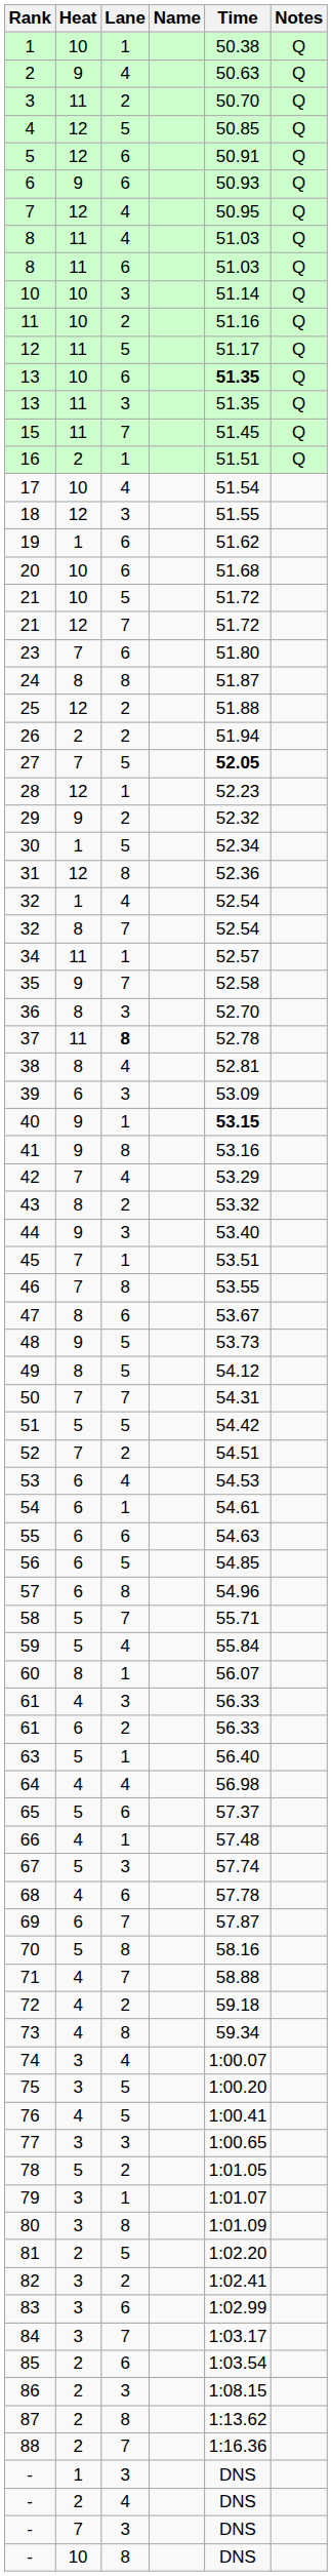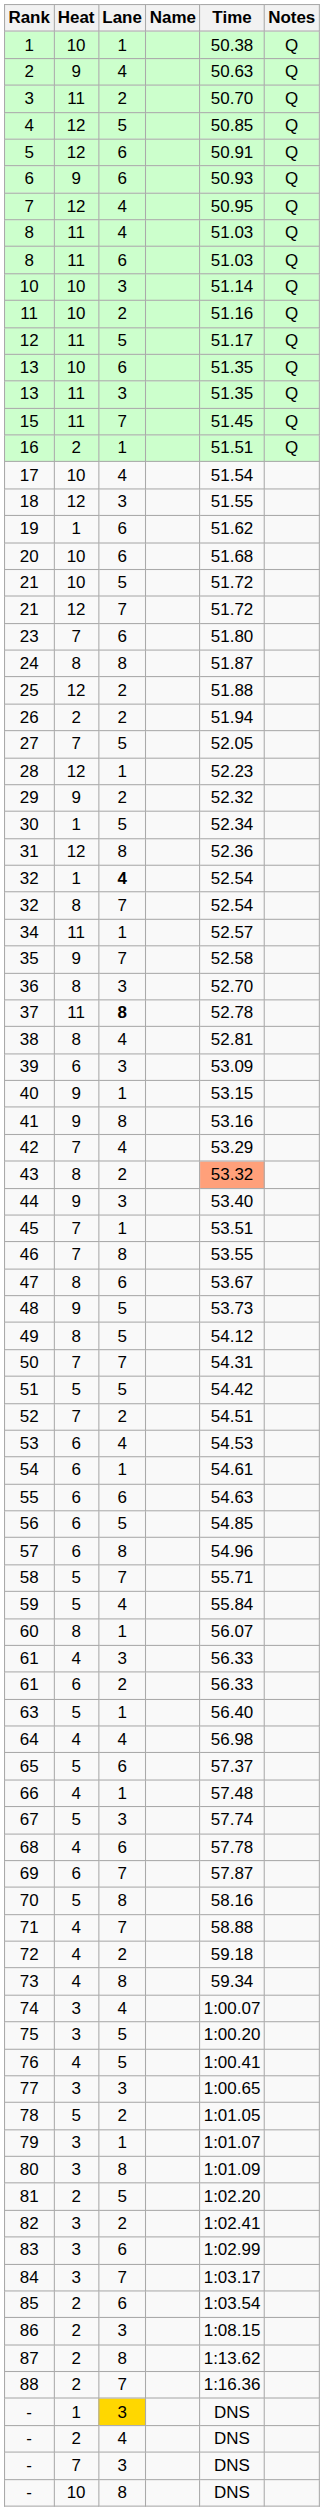 <table class="wikitable sortable" style="text-align:center">
 <tr>
 <th>Rank</th>
 <th>Heat</th>
 <th>Lane</th>
 <th>Name</th>
 <th>Time</th>
 <th>Notes</th>
 </tr>
 <tr bgcolor=ccffcc>
 <td>1</td>
 <td>10</td>
 <td>1</td>
 <td align=left></td>
 <td>50.38</td>
 <td>Q</td>
 </tr>
 <tr bgcolor=ccffcc>
 <td>2</td>
 <td>9</td>
 <td>4</td>
 <td align=left></td>
 <td>50.63</td>
 <td>Q</td>
 </tr>
 <tr bgcolor=ccffcc>
 <td>3</td>
 <td>11</td>
 <td>2</td>
 <td align=left></td>
 <td>50.70</td>
 <td>Q</td>
 </tr>
 <tr bgcolor=ccffcc>
 <td>4</td>
 <td>12</td>
 <td>5</td>
 <td align=left></td>
 <td>50.85</td>
 <td>Q</td>
 </tr>
 <tr bgcolor=ccffcc>
 <td>5</td>
 <td>12</td>
 <td>6</td>
 <td align=left></td>
 <td>50.91</td>
 <td>Q</td>
 </tr>
 <tr bgcolor=ccffcc>
 <td>6</td>
 <td>9</td>
 <td>6</td>
 <td align=left></td>
 <td>50.93</td>
 <td>Q</td>
 </tr>
 <tr bgcolor=ccffcc>
 <td>7</td>
 <td>12</td>
 <td>4</td>
 <td align=left></td>
 <td>50.95</td>
 <td>Q</td>
 </tr>
 <tr bgcolor=ccffcc>
 <td>8</td>
 <td>11</td>
 <td>4</td>
 <td align=left></td>
 <td>51.03</td>
 <td>Q</td>
 </tr>
 <tr bgcolor=ccffcc>
 <td>8</td>
 <td>11</td>
 <td>6</td>
 <td align=left></td>
 <td>51.03</td>
 <td>Q</td>
 </tr>
 <tr bgcolor=ccffcc>
 <td>10</td>
 <td>10</td>
 <td>3</td>
 <td align=left></td>
 <td>51.14</td>
 <td>Q</td>
 </tr>
 <tr bgcolor=ccffcc>
 <td>11</td>
 <td>10</td>
 <td>2</td>
 <td align=left></td>
 <td>51.16</td>
 <td>Q</td>
 </tr>
 <tr bgcolor=ccffcc>
 <td>12</td>
 <td>11</td>
 <td>5</td>
 <td align=left></td>
 <td>51.17</td>
 <td>Q</td>
 </tr>
 <tr bgcolor=ccffcc>
 <td>13</td>
 <td>10</td>
 <td>6</td>
 <td align=left></td>
-<td><strong>51.35</strong></td>
+<td>51.35</td>
 <td>Q</td>
 </tr>
 <tr bgcolor=ccffcc>
 <td>13</td>
 <td>11</td>
 <td>3</td>
 <td align=left></td>
 <td>51.35</td>
 <td>Q</td>
 </tr>
 <tr bgcolor=ccffcc>
 <td>15</td>
 <td>11</td>
 <td>7</td>
 <td align=left></td>
 <td>51.45</td>
 <td>Q</td>
 </tr>
 <tr bgcolor=ccffcc>
 <td>16</td>
 <td>2</td>
 <td>1</td>
 <td align=left></td>
 <td>51.51</td>
 <td>Q</td>
 </tr>
 <tr>
 <td>17</td>
 <td>10</td>
 <td>4</td>
 <td align=left></td>
 <td>51.54</td>
 <td></td>
 </tr>
 <tr>
 <td>18</td>
 <td>12</td>
 <td>3</td>
 <td align=left></td>
 <td>51.55</td>
 <td></td>
 </tr>
 <tr>
 <td>19</td>
 <td>1</td>
 <td>6</td>
 <td align=left></td>
 <td>51.62</td>
 <td></td>
 </tr>
 <tr>
 <td>20</td>
 <td>10</td>
 <td>6</td>
 <td align=left></td>
 <td>51.68</td>
 <td></td>
 </tr>
 <tr>
 <td>21</td>
 <td>10</td>
 <td>5</td>
 <td align=left></td>
 <td>51.72</td>
 <td></td>
 </tr>
 <tr>
 <td>21</td>
 <td>12</td>
 <td>7</td>
 <td align=left></td>
 <td>51.72</td>
 <td></td>
 </tr>
 <tr>
 <td>23</td>
 <td>7</td>
 <td>6</td>
 <td align=left></td>
 <td>51.80</td>
 <td></td>
 </tr>
 <tr>
 <td>24</td>
 <td>8</td>
 <td>8</td>
 <td align=left></td>
 <td>51.87</td>
 <td></td>
 </tr>
 <tr>
 <td>25</td>
 <td>12</td>
 <td>2</td>
 <td align=left></td>
 <td>51.88</td>
 <td></td>
 </tr>
 <tr>
 <td>26</td>
 <td>2</td>
 <td>2</td>
 <td align=left></td>
 <td>51.94</td>
 <td></td>
 </tr>
 <tr>
 <td>27</td>
 <td>7</td>
 <td>5</td>
 <td align=left></td>
-<td><strong>52.05</strong></td>
+<td>52.05</td>
 <td></td>
 </tr>
 <tr>
 <td>28</td>
 <td>12</td>
 <td>1</td>
 <td align=left></td>
 <td>52.23</td>
 <td></td>
 </tr>
 <tr>
 <td>29</td>
 <td>9</td>
 <td>2</td>
 <td align=left></td>
 <td>52.32</td>
 <td></td>
 </tr>
 <tr>
 <td>30</td>
 <td>1</td>
 <td>5</td>
 <td align=left></td>
 <td>52.34</td>
 <td></td>
 </tr>
 <tr>
 <td>31</td>
 <td>12</td>
 <td>8</td>
 <td align=left></td>
 <td>52.36</td>
 <td></td>
 </tr>
 <tr>
 <td>32</td>
 <td>1</td>
-<td>4</td>
+<td><strong>4</strong></td>
 <td align=left></td>
 <td>52.54</td>
 <td></td>
 </tr>
 <tr>
 <td>32</td>
 <td>8</td>
 <td>7</td>
 <td align=left></td>
 <td>52.54</td>
 <td></td>
 </tr>
 <tr>
 <td>34</td>
 <td>11</td>
 <td>1</td>
 <td align=left></td>
 <td>52.57</td>
 <td></td>
 </tr>
 <tr>
 <td>35</td>
 <td>9</td>
 <td>7</td>
 <td align=left></td>
 <td>52.58</td>
 <td></td>
 </tr>
 <tr>
 <td>36</td>
 <td>8</td>
 <td>3</td>
 <td align=left></td>
 <td>52.70</td>
 <td></td>
 </tr>
 <tr>
 <td>37</td>
 <td>11</td>
 <td><strong>8</strong></td>
 <td align=left></td>
 <td>52.78</td>
 <td></td>
 </tr>
 <tr>
 <td>38</td>
 <td>8</td>
 <td>4</td>
 <td align=left></td>
 <td>52.81</td>
 <td></td>
 </tr>
 <tr>
 <td>39</td>
 <td>6</td>
 <td>3</td>
 <td align=left></td>
 <td>53.09</td>
 <td></td>
 </tr>
 <tr>
 <td>40</td>
 <td>9</td>
 <td>1</td>
 <td align=left></td>
-<td><strong>53.15</strong></td>
+<td>53.15</td>
 <td></td>
 </tr>
 <tr>
 <td>41</td>
 <td>9</td>
 <td>8</td>
 <td align=left></td>
 <td>53.16</td>
 <td></td>
 </tr>
 <tr>
 <td>42</td>
 <td>7</td>
 <td>4</td>
 <td align=left></td>
 <td>53.29</td>
 <td></td>
 </tr>
 <tr>
 <td>43</td>
 <td>8</td>
 <td>2</td>
 <td align=left></td>
-<td>53.32</td>
+<td style="background: lightsalmon;">53.32</td>
 <td></td>
 </tr>
 <tr>
 <td>44</td>
 <td>9</td>
 <td>3</td>
 <td align=left></td>
 <td>53.40</td>
 <td></td>
 </tr>
 <tr>
 <td>45</td>
 <td>7</td>
 <td>1</td>
 <td align=left></td>
 <td>53.51</td>
 <td></td>
 </tr>
 <tr>
 <td>46</td>
 <td>7</td>
 <td>8</td>
 <td align=left></td>
 <td>53.55</td>
 <td></td>
 </tr>
 <tr>
 <td>47</td>
 <td>8</td>
 <td>6</td>
 <td align=left></td>
 <td>53.67</td>
 <td></td>
 </tr>
 <tr>
 <td>48</td>
 <td>9</td>
 <td>5</td>
 <td align=left></td>
 <td>53.73</td>
 <td></td>
 </tr>
 <tr>
 <td>49</td>
 <td>8</td>
 <td>5</td>
 <td align=left></td>
 <td>54.12</td>
 <td></td>
 </tr>
 <tr>
 <td>50</td>
 <td>7</td>
 <td>7</td>
 <td align=left></td>
 <td>54.31</td>
 <td></td>
 </tr>
 <tr>
 <td>51</td>
 <td>5</td>
 <td>5</td>
 <td align=left></td>
 <td>54.42</td>
 <td></td>
 </tr>
 <tr>
 <td>52</td>
 <td>7</td>
 <td>2</td>
 <td align=left></td>
 <td>54.51</td>
 <td></td>
 </tr>
 <tr>
 <td>53</td>
 <td>6</td>
 <td>4</td>
 <td align=left></td>
 <td>54.53</td>
 <td></td>
 </tr>
 <tr>
 <td>54</td>
 <td>6</td>
 <td>1</td>
 <td align=left></td>
 <td>54.61</td>
 <td></td>
 </tr>
 <tr>
 <td>55</td>
 <td>6</td>
 <td>6</td>
 <td align=left></td>
 <td>54.63</td>
 <td></td>
 </tr>
 <tr>
 <td>56</td>
 <td>6</td>
 <td>5</td>
 <td align=left></td>
 <td>54.85</td>
 <td></td>
 </tr>
 <tr>
 <td>57</td>
 <td>6</td>
 <td>8</td>
 <td align=left></td>
 <td>54.96</td>
 <td></td>
 </tr>
 <tr>
 <td>58</td>
 <td>5</td>
 <td>7</td>
 <td align=left></td>
 <td>55.71</td>
 <td></td>
 </tr>
 <tr>
 <td>59</td>
 <td>5</td>
 <td>4</td>
 <td align=left></td>
 <td>55.84</td>
 <td></td>
 </tr>
 <tr>
 <td>60</td>
 <td>8</td>
 <td>1</td>
 <td align=left></td>
 <td>56.07</td>
 <td></td>
 </tr>
 <tr>
 <td>61</td>
 <td>4</td>
 <td>3</td>
 <td align=left></td>
 <td>56.33</td>
 <td></td>
 </tr>
 <tr>
 <td>61</td>
 <td>6</td>
 <td>2</td>
 <td align=left></td>
 <td>56.33</td>
 <td></td>
 </tr>
 <tr>
 <td>63</td>
 <td>5</td>
 <td>1</td>
 <td align=left></td>
 <td>56.40</td>
 <td></td>
 </tr>
 <tr>
 <td>64</td>
 <td>4</td>
 <td>4</td>
 <td align=left></td>
 <td>56.98</td>
 <td></td>
 </tr>
 <tr>
 <td>65</td>
 <td>5</td>
 <td>6</td>
 <td align=left></td>
 <td>57.37</td>
 <td></td>
 </tr>
 <tr>
 <td>66</td>
 <td>4</td>
 <td>1</td>
 <td align=left></td>
 <td>57.48</td>
 <td></td>
 </tr>
 <tr>
 <td>67</td>
 <td>5</td>
 <td>3</td>
 <td align=left></td>
 <td>57.74</td>
 <td></td>
 </tr>
 <tr>
 <td>68</td>
 <td>4</td>
 <td>6</td>
 <td align=left></td>
 <td>57.78</td>
 <td></td>
 </tr>
 <tr>
 <td>69</td>
 <td>6</td>
 <td>7</td>
 <td align=left></td>
 <td>57.87</td>
 <td></td>
 </tr>
 <tr>
 <td>70</td>
 <td>5</td>
 <td>8</td>
 <td align=left></td>
 <td>58.16</td>
 <td></td>
 </tr>
 <tr>
 <td>71</td>
 <td>4</td>
 <td>7</td>
 <td align=left></td>
 <td>58.88</td>
 <td></td>
 </tr>
 <tr>
 <td>72</td>
 <td>4</td>
 <td>2</td>
 <td align=left></td>
 <td>59.18</td>
 <td></td>
 </tr>
 <tr>
 <td>73</td>
 <td>4</td>
 <td>8</td>
 <td align=left></td>
 <td>59.34</td>
 <td></td>
 </tr>
 <tr>
 <td>74</td>
 <td>3</td>
 <td>4</td>
 <td align=left></td>
 <td>1:00.07</td>
 <td></td>
 </tr>
 <tr>
 <td>75</td>
 <td>3</td>
 <td>5</td>
 <td align=left></td>
 <td>1:00.20</td>
 <td></td>
 </tr>
 <tr>
 <td>76</td>
 <td>4</td>
 <td>5</td>
 <td align=left></td>
 <td>1:00.41</td>
 <td></td>
 </tr>
 <tr>
 <td>77</td>
 <td>3</td>
 <td>3</td>
 <td align=left></td>
 <td>1:00.65</td>
 <td></td>
 </tr>
 <tr>
 <td>78</td>
 <td>5</td>
 <td>2</td>
 <td align=left></td>
 <td>1:01.05</td>
 <td></td>
 </tr>
 <tr>
 <td>79</td>
 <td>3</td>
 <td>1</td>
 <td align=left></td>
 <td>1:01.07</td>
 <td></td>
 </tr>
 <tr>
 <td>80</td>
 <td>3</td>
 <td>8</td>
 <td align=left></td>
 <td>1:01.09</td>
 <td></td>
 </tr>
 <tr>
 <td>81</td>
 <td>2</td>
 <td>5</td>
 <td align=left></td>
 <td>1:02.20</td>
 <td></td>
 </tr>
 <tr>
 <td>82</td>
 <td>3</td>
 <td>2</td>
 <td align=left></td>
 <td>1:02.41</td>
 <td></td>
 </tr>
 <tr>
 <td>83</td>
 <td>3</td>
 <td>6</td>
 <td align=left></td>
 <td>1:02.99</td>
 <td></td>
 </tr>
 <tr>
 <td>84</td>
 <td>3</td>
 <td>7</td>
 <td align=left></td>
 <td>1:03.17</td>
 <td></td>
 </tr>
 <tr>
 <td>85</td>
 <td>2</td>
 <td>6</td>
 <td align=left></td>
 <td>1:03.54</td>
 <td></td>
 </tr>
 <tr>
 <td>86</td>
 <td>2</td>
 <td>3</td>
 <td align=left></td>
 <td>1:08.15</td>
 <td></td>
 </tr>
 <tr>
 <td>87</td>
 <td>2</td>
 <td>8</td>
 <td align=left></td>
 <td>1:13.62</td>
 <td></td>
 </tr>
 <tr>
 <td>88</td>
 <td>2</td>
 <td>7</td>
 <td align=left></td>
 <td>1:16.36</td>
 <td></td>
 </tr>
 <tr>
 <td>-</td>
 <td>1</td>
-<td>3</td>
+<td style="background: gold;">3</td>
 <td align=left></td>
 <td>DNS</td>
 <td></td>
 </tr>
 <tr>
 <td>-</td>
 <td>2</td>
 <td>4</td>
 <td align=left></td>
 <td>DNS</td>
 <td></td>
 </tr>
 <tr>
 <td>-</td>
 <td>7</td>
 <td>3</td>
 <td align=left></td>
 <td>DNS</td>
 <td></td>
 </tr>
 <tr>
 <td>-</td>
 <td>10</td>
 <td>8</td>
 <td align=left></td>
 <td>DNS</td>
 <td></td>
 </tr>
 </table>
